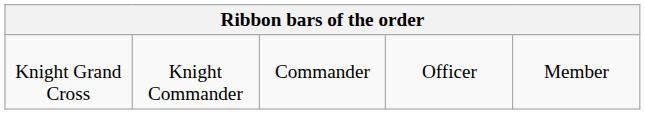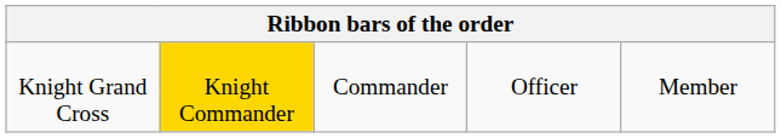 <table align=center class=wikitable width=60% style="margin:1em auto;">
 <tr>
 <th colspan=5>Ribbon bars of the order</th>
 </tr>
 <tr>
 <td width=20% valign=top align=center><br>Knight Grand Cross</td>
-<td width=20% valign=top align=center><br>Knight Commander</td>
+<td width=20% valign=top align=center style="background: gold;"><br>Knight Commander</td>
 <td width=20% valign=top align=center><br>Commander</td>
 <td width=20% valign=top align=center><br>Officer</td>
 <td width=20% valign=top align=center><br>Member</td>
 </tr>
 </table>
